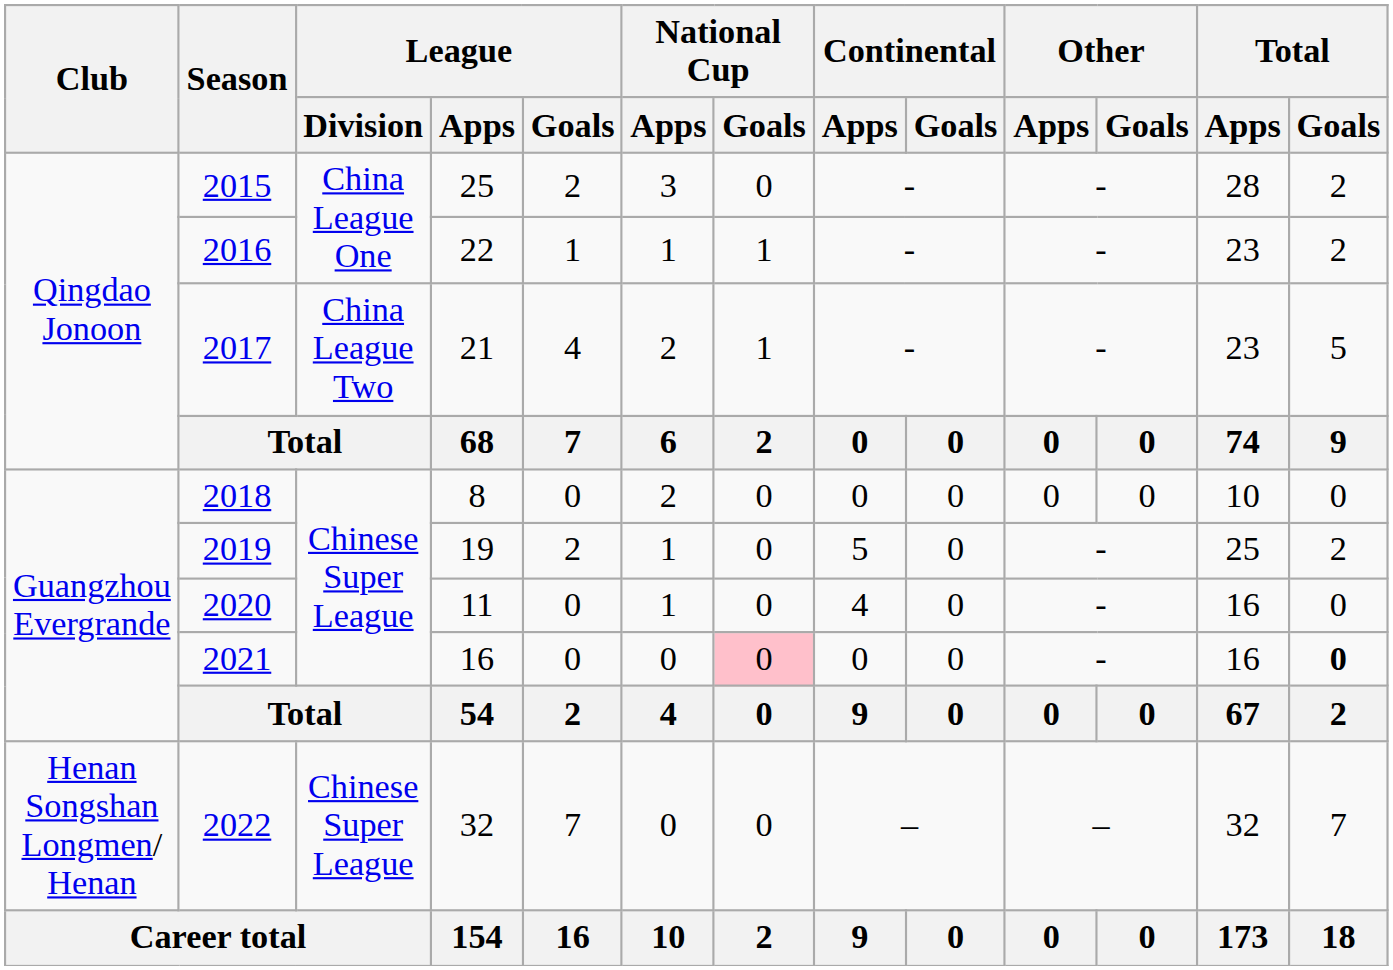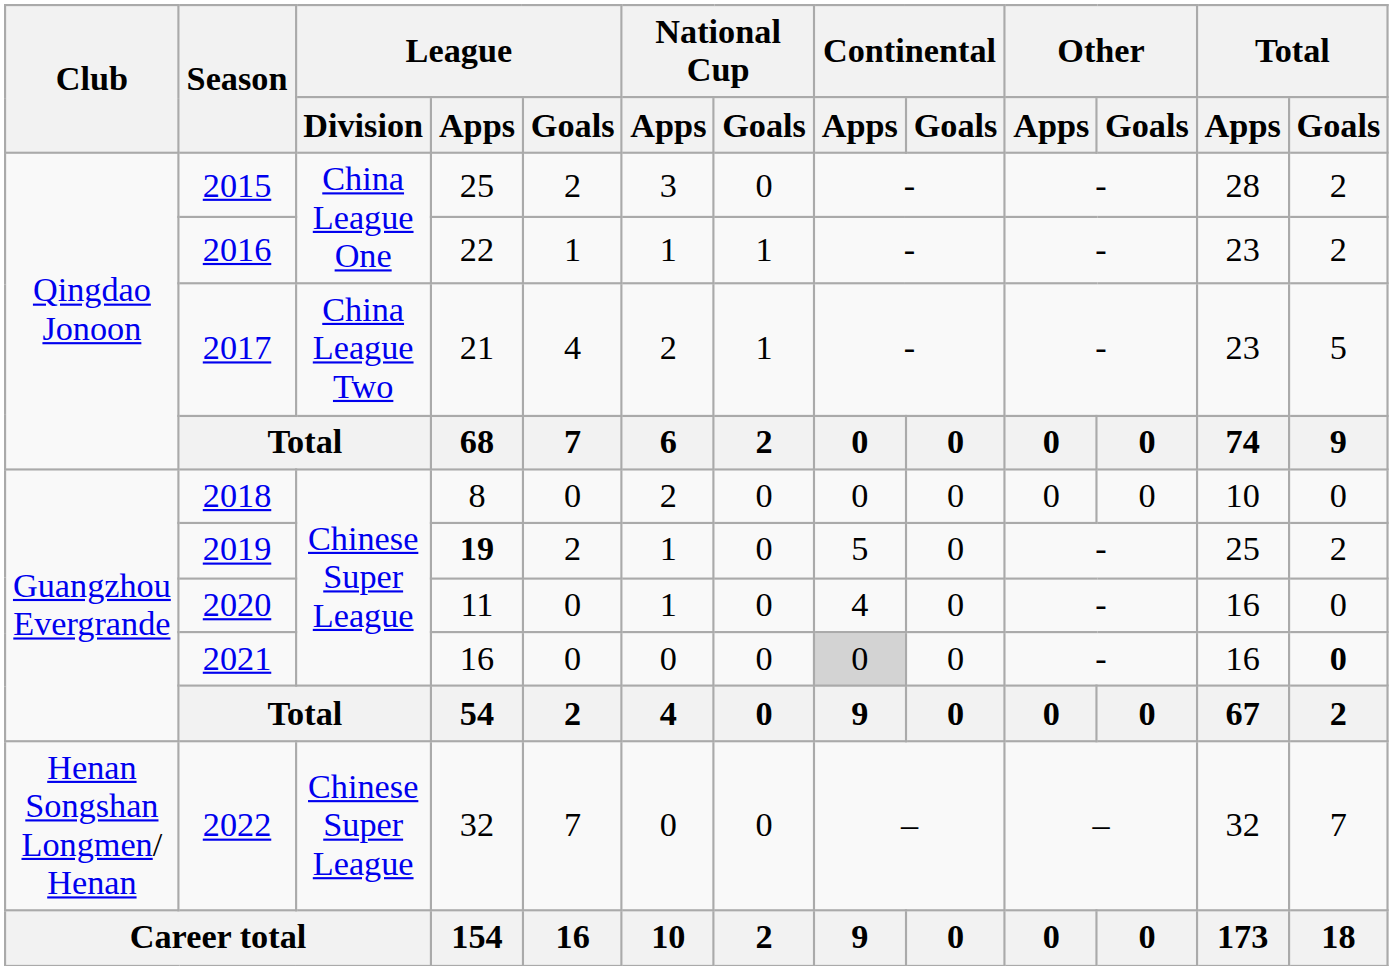 <table class="wikitable" style="text-align: center">
 <tr>
 <th rowspan="2">Club</th>
 <th rowspan="2">Season</th>
 <th colspan="3">League</th>
 <th colspan="2">National Cup</th>
 <th colspan="2">Continental</th>
 <th colspan="2">Other</th>
 <th colspan="2">Total</th>
 </tr>
 <tr>
 <th>Division</th>
 <th>Apps</th>
 <th>Goals</th>
 <th>Apps</th>
 <th>Goals</th>
 <th>Apps</th>
 <th>Goals</th>
 <th>Apps</th>
 <th>Goals</th>
 <th>Apps</th>
 <th>Goals</th>
 </tr>
 <tr>
 <td rowspan="4"><a href='#'>Qingdao Jonoon</a></td>
 <td><a href='#'>2015</a></td>
 <td rowspan="2"><a href='#'>China League One</a></td>
 <td>25</td>
 <td>2</td>
 <td>3</td>
 <td>0</td>
 <td colspan="2">-</td>
 <td colspan="2">-</td>
 <td>28</td>
 <td>2</td>
 </tr>
 <tr>
 <td><a href='#'>2016</a></td>
 <td>22</td>
 <td>1</td>
 <td>1</td>
 <td>1</td>
 <td colspan="2">-</td>
 <td colspan="2">-</td>
 <td>23</td>
 <td>2</td>
 </tr>
 <tr>
 <td><a href='#'>2017</a></td>
 <td><a href='#'>China League Two</a></td>
 <td>21</td>
 <td>4</td>
 <td>2</td>
 <td>1</td>
 <td colspan="2">-</td>
 <td colspan="2">-</td>
 <td>23</td>
 <td>5</td>
 </tr>
 <tr>
 <th colspan="2"><strong>Total</strong></th>
 <th>68</th>
 <th>7</th>
 <th>6</th>
 <th>2</th>
 <th>0</th>
 <th>0</th>
 <th>0</th>
 <th>0</th>
 <th>74</th>
 <th>9</th>
 </tr>
 <tr>
 <td rowspan="5"><a href='#'>Guangzhou Evergrande</a></td>
 <td><a href='#'>2018</a></td>
 <td rowspan="4"><a href='#'>Chinese Super League</a></td>
 <td>8</td>
 <td>0</td>
 <td>2</td>
 <td>0</td>
 <td>0</td>
 <td>0</td>
 <td>0</td>
 <td>0</td>
 <td>10</td>
 <td>0</td>
 </tr>
 <tr>
 <td><a href='#'>2019</a></td>
-<td>19</td>
+<td><strong>19</strong></td>
 <td>2</td>
 <td>1</td>
 <td>0</td>
 <td>5</td>
 <td>0</td>
 <td colspan="2">-</td>
 <td>25</td>
 <td>2</td>
 </tr>
 <tr>
 <td><a href='#'>2020</a></td>
 <td>11</td>
 <td>0</td>
 <td>1</td>
 <td>0</td>
 <td>4</td>
 <td>0</td>
 <td colspan="2">-</td>
 <td>16</td>
 <td>0</td>
 </tr>
 <tr>
 <td><a href='#'>2021</a></td>
 <td>16</td>
 <td>0</td>
 <td>0</td>
-<td style="background: pink;">0</td>
 <td>0</td>
+<td style="background: lightgrey;">0</td>
 <td>0</td>
 <td colspan="2">-</td>
 <td>16</td>
 <td><strong>0</strong></td>
 </tr>
 <tr>
 <th colspan="2"><strong>Total</strong></th>
 <th>54</th>
 <th>2</th>
 <th>4</th>
 <th>0</th>
 <th>9</th>
 <th>0</th>
 <th>0</th>
 <th>0</th>
 <th>67</th>
 <th>2</th>
 </tr>
 <tr>
 <td><a href='#'>Henan Songshan Longmen</a>/<br><a href='#'>Henan</a></td>
 <td><a href='#'>2022</a></td>
 <td><a href='#'>Chinese Super League</a></td>
 <td>32</td>
 <td>7</td>
 <td>0</td>
 <td>0</td>
 <td colspan="2">–</td>
 <td colspan="2">–</td>
 <td>32</td>
 <td>7</td>
 </tr>
 <tr>
 <th colspan=3>Career total</th>
 <th>154</th>
 <th>16</th>
 <th>10</th>
 <th>2</th>
 <th>9</th>
 <th>0</th>
 <th>0</th>
 <th>0</th>
 <th>173</th>
 <th>18</th>
 </tr>
 </table>
